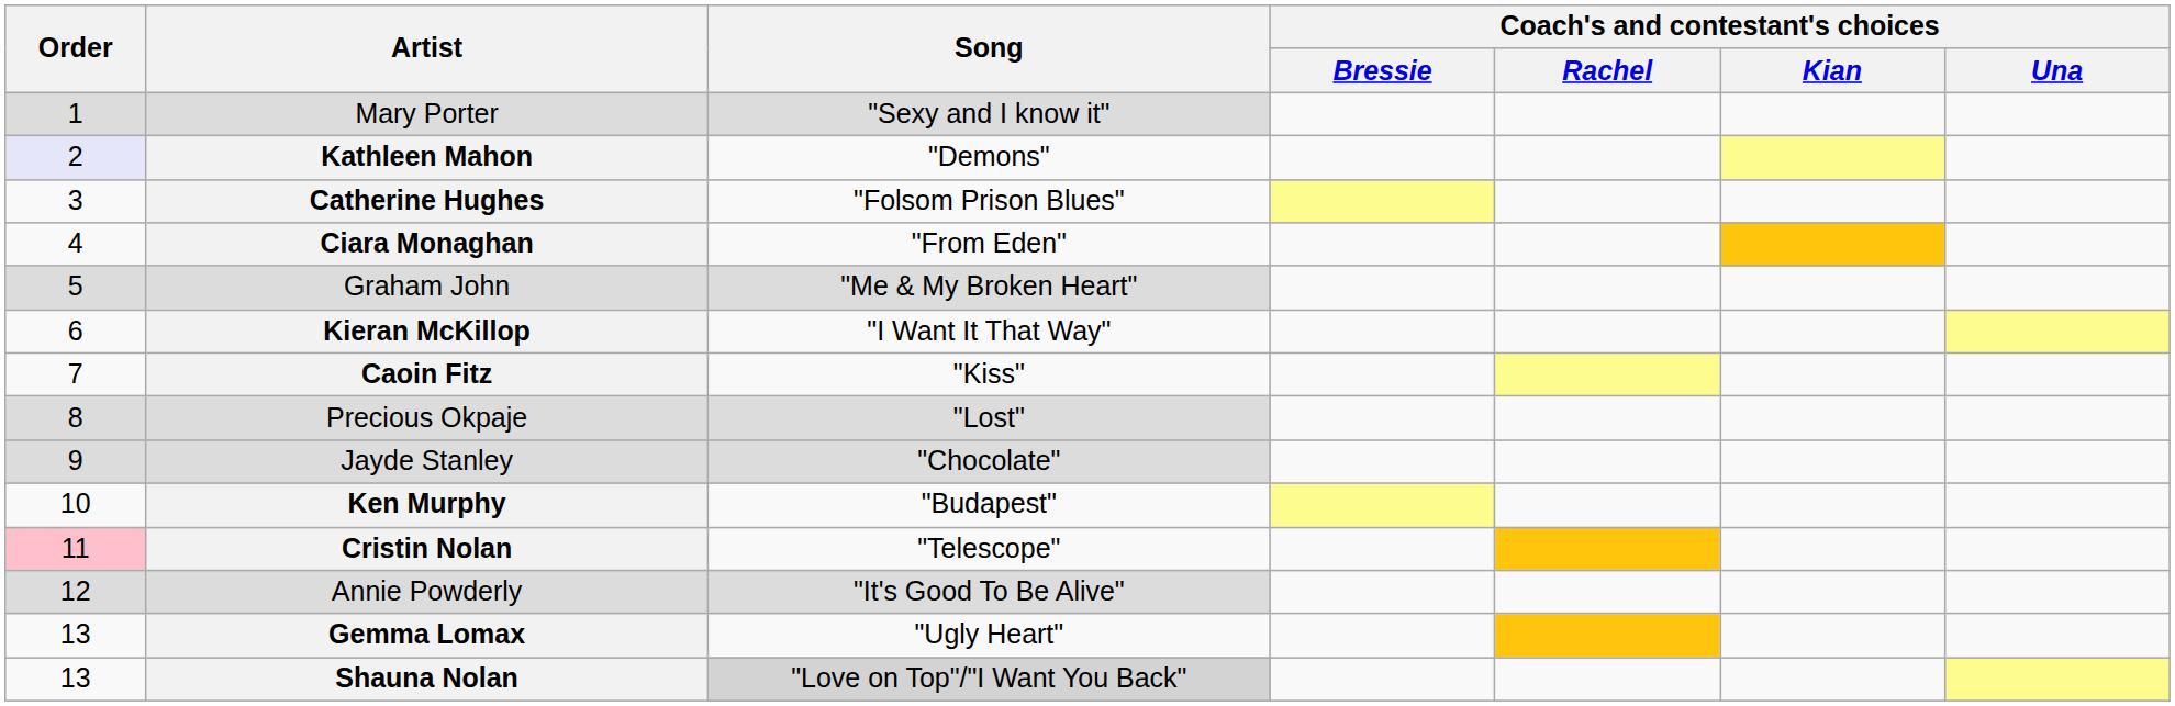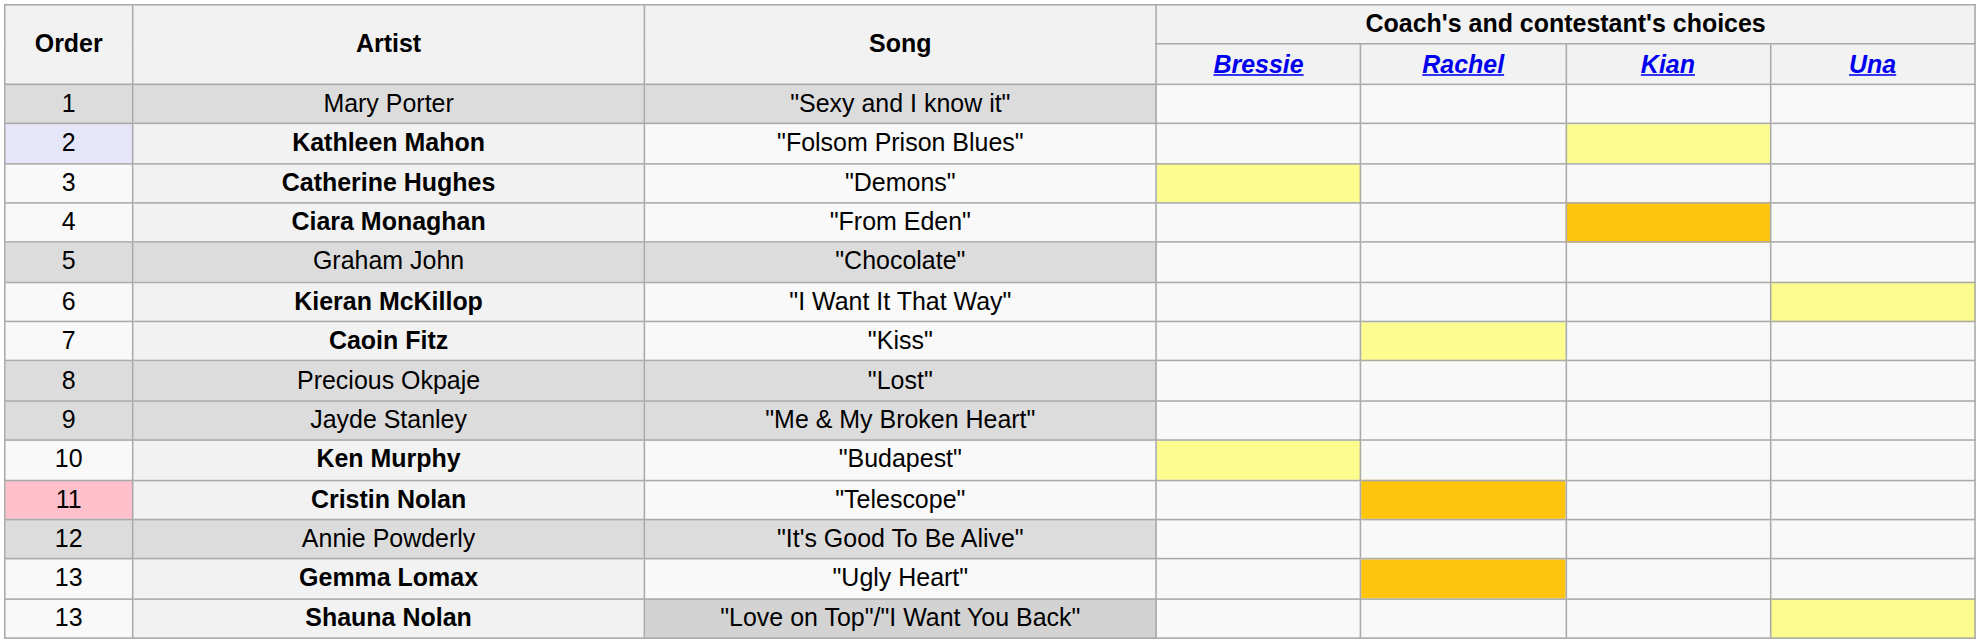 <table class="wikitable" style="text-align:center; width:100%;">
 <tr>
 <th scope="col" rowspan="2" width="5%">Order</th>
 <th scope="col" rowspan="2" width="20%">Artist</th>
 <th scope="col" rowspan="2" width="20%">Song</th>
 <th scope="col" colspan="4" width="32%">Coach's and contestant's choices</th>
 </tr>
 <tr>
 <th width="8%"><em><a href='#'>Bressie</a></em></th>
 <th width="8%"><em><a href='#'>Rachel</a></em></th>
 <th width="8%"><em><a href='#'>Kian</a></em></th>
 <th width="8%"><em><a href='#'>Una</a></em></th>
 </tr>
 <tr>
 <td style="background-color:#DCDCDC;">1</td>
 <td style="background-color:#DCDCDC;">Mary Porter</td>
 <td style="background-color:#DCDCDC;">"Sexy and I know it"</td>
 <td></td>
 <td></td>
 <td></td>
 <td></td>
 </tr>
 <tr>
 <td style="background: lavender;">2</td>
 <th scope="row">Kathleen Mahon</th>
-<td>"Demons"</td>
+<td>"Folsom Prison Blues"</td>
 <td></td>
 <td><strong></strong></td>
 <td style="background-color:#fdfc8f;"><strong></strong></td>
 <td></td>
 </tr>
 <tr>
 <td>3</td>
 <th scope="row">Catherine Hughes</th>
-<td>"Folsom Prison Blues"</td>
+<td>"Demons"</td>
 <td style="background-color:#fdfc8f;"><strong></strong></td>
 <td><strong></strong></td>
 <td><strong></strong></td>
 <td><strong></strong></td>
 </tr>
 <tr>
 <td>4</td>
 <th scope="row">Ciara Monaghan</th>
 <td>"From Eden"</td>
 <td></td>
 <td></td>
 <td style="background-color:#FFC40C;"><strong></strong></td>
 <td></td>
 </tr>
 <tr>
 <td style="background-color:#DCDCDC;">5</td>
 <td style="background-color:#DCDCDC;">Graham John</td>
-<td style="background-color:#DCDCDC;">"Me & My Broken Heart"</td>
+<td style="background-color:#DCDCDC;">"Chocolate"</td>
 <td></td>
 <td></td>
 <td></td>
 <td></td>
 </tr>
 <tr>
 <td>6</td>
 <th scope="row">Kieran McKillop</th>
 <td>"I Want It That Way"</td>
 <td></td>
 <td></td>
 <td><strong></strong></td>
 <td style="background-color:#fdfc8f;"><strong></strong></td>
 </tr>
 <tr>
 <td>7</td>
 <th scope="row">Caoin Fitz</th>
 <td>"Kiss"</td>
 <td></td>
 <td style="background-color:#fdfc8f;"><strong></strong></td>
 <td><strong></strong></td>
 <td></td>
 </tr>
 <tr>
 <td style="background-color:#DCDCDC;">8</td>
 <td style="background-color:#DCDCDC;">Precious Okpaje</td>
 <td style="background-color:#DCDCDC;">"Lost"</td>
 <td></td>
 <td></td>
 <td></td>
 <td></td>
 </tr>
 <tr>
 <td style="background-color:#DCDCDC;">9</td>
 <td style="background-color:#DCDCDC;">Jayde Stanley</td>
-<td style="background-color:#DCDCDC;">"Chocolate"</td>
+<td style="background-color:#DCDCDC;">"Me & My Broken Heart"</td>
 <td></td>
 <td></td>
 <td></td>
 <td></td>
 </tr>
 <tr>
 <td>10</td>
 <th scope="row">Ken Murphy</th>
 <td>"Budapest"</td>
 <td style="background-color:#fdfc8f;"><strong></strong></td>
 <td><strong></strong></td>
 <td><strong></strong></td>
 <td></td>
 </tr>
 <tr>
 <td style="background: pink;">11</td>
 <th scope="row">Cristin Nolan</th>
 <td>"Telescope"</td>
 <td></td>
 <td style="background-color:#FFC40C;"><strong></strong></td>
 <td></td>
 <td></td>
 </tr>
 <tr>
 <td style="background-color:#DCDCDC;">12</td>
 <td style="background-color:#DCDCDC;">Annie Powderly</td>
 <td style="background-color:#DCDCDC;">"It's Good To Be Alive"</td>
 <td></td>
 <td></td>
 <td></td>
 <td></td>
 </tr>
 <tr>
 <td>13</td>
 <th scope="row">Gemma Lomax</th>
 <td>"Ugly Heart"</td>
 <td></td>
 <td style="background-color:#FFC40C;"><strong></strong></td>
 <td></td>
 <td></td>
 </tr>
 <tr>
 <td>13</td>
 <th scope="row">Shauna Nolan</th>
 <td style="background: lightgrey;">"Love on Top"/"I Want You Back"</td>
 <td><strong></strong></td>
 <td><strong></strong></td>
 <td></td>
 <td style="background-color:#fdfc8f;"><strong></strong></td>
 </tr>
 </table>
